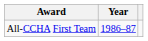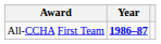 <table class="wikitable">
 <tr>
 <th>Award</th>
 <th>Year</th>
 <th></th>
 </tr>
 <tr>
 <td>All-<a href='#'>CCHA</a> <a href='#'>First Team</a></td>
-<td><a href='#'>1986–87</a></td>
+<td><strong><a href='#'>1986–87</a></strong></td>
 <td></td>
 </tr>
 </table>
